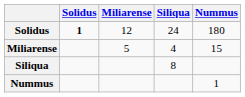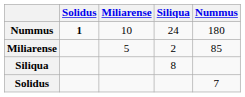 <table class="wikitable" style="text-align:center">
 <tr>
 <th></th>
 <th><a href='#'>Solidus</a></th>
 <th><a href='#'>Miliarense</a></th>
 <th><a href='#'>Siliqua</a></th>
 <th><a href='#'>Nummus</a></th>
 </tr>
 <tr>
-<th>Solidus</th>
+<th>Nummus</th>
 <td><strong>1</strong></td>
-<td>12</td>
+<td>10</td>
 <td>24</td>
 <td>180</td>
 </tr>
 <tr>
 <th>Miliarense</th>
 <td></td>
 <td>5</td>
-<td>4</td>
-<td>15</td>
+<td>2</td>
+<td>85</td>
 </tr>
 <tr>
 <th>Siliqua</th>
 <td></td>
 <td></td>
 <td>8</td>
 <td></td>
 </tr>
 <tr>
-<th>Nummus</th>
+<th>Solidus</th>
 <td></td>
 <td></td>
 <td></td>
-<td>1</td>
+<td>7</td>
 </tr>
 </table>
